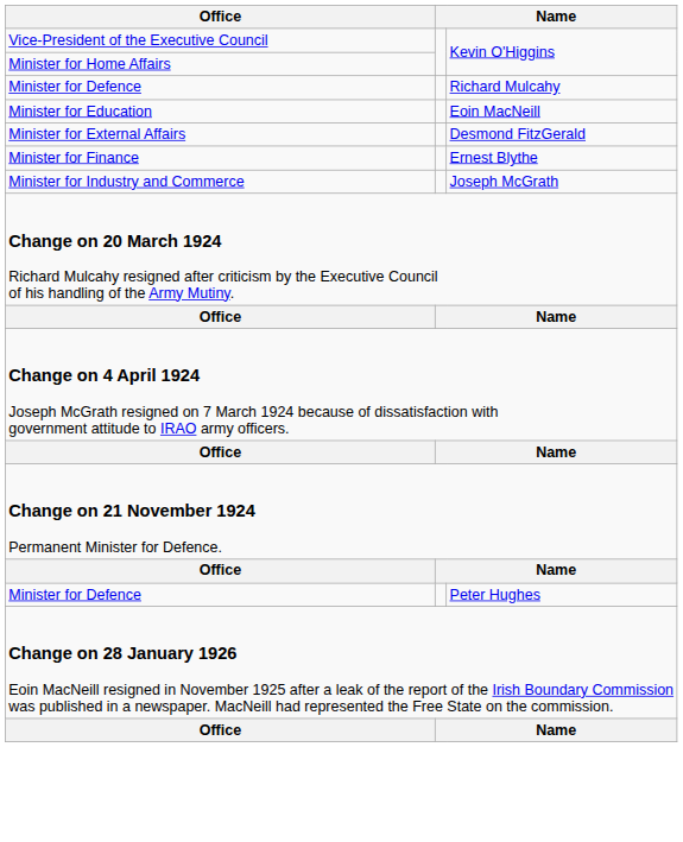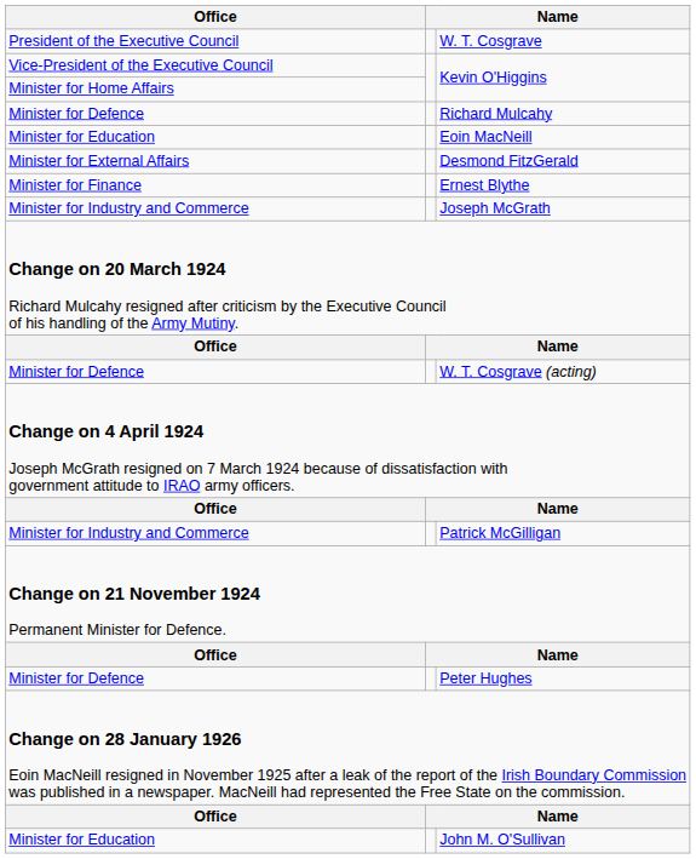 <table class="wikitable">
 <tr>
 <th>Office</th>
 <th colspan="2">Name</th>
+</tr>
+<tr>
+<td><a href='#'>President of the Executive Council</a></td>
+<td style="background-color: "></td>
+<td><a href='#'>W. T. Cosgrave</a></td>
 </tr>
 <tr>
 <td><a href='#'>Vice-President of the Executive Council</a></td>
 <td rowspan=2 style="background-color: "></td>
 <td rowspan=2><a href='#'>Kevin O'Higgins</a></td>
 </tr>
 <tr>
 <td><a href='#'>Minister for Home Affairs</a></td>
 </tr>
 <tr>
 <td><a href='#'>Minister for Defence</a></td>
 <td style="background-color: "></td>
 <td><a href='#'>Richard Mulcahy</a></td>
 </tr>
 <tr>
 <td><a href='#'>Minister for Education</a></td>
 <td style="background-color: "></td>
 <td><a href='#'>Eoin MacNeill</a></td>
 </tr>
 <tr>
 <td><a href='#'>Minister for External Affairs</a></td>
 <td style="background-color: "></td>
 <td><a href='#'>Desmond FitzGerald</a></td>
 </tr>
 <tr>
 <td><a href='#'>Minister for Finance</a></td>
 <td style="background-color: "></td>
 <td><a href='#'>Ernest Blythe</a></td>
 </tr>
 <tr>
 <td><a href='#'>Minister for Industry and Commerce</a></td>
 <td style="background-color: "></td>
 <td><a href='#'>Joseph McGrath</a></td>
 </tr>
 <tr>
 <td colspan="3"><br><h3>Change on 20 March 1924</h3>Richard Mulcahy resigned after criticism by the Executive Council<br>of his handling of the <a href='#'>Army Mutiny</a>.</td>
 </tr>
 <tr>
 <th>Office</th>
 <th colspan="2">Name</th>
 </tr>
 <tr>
+<td><a href='#'>Minister for Defence</a></td>
+<td style="background-color: "></td>
+<td><a href='#'>W. T. Cosgrave</a> <em>(acting)</em></td>
+</tr>
+<tr>
 <td colspan="3"><br><h3>Change on 4 April 1924</h3>Joseph McGrath resigned on 7 March 1924 because of dissatisfaction with<br>government attitude to <a href='#'>IRAO</a> army officers.</td>
 </tr>
 <tr>
 <th>Office</th>
 <th colspan="2">Name</th>
+</tr>
+<tr>
+<td><a href='#'>Minister for Industry and Commerce</a></td>
+<td style="background-color: "></td>
+<td><a href='#'>Patrick McGilligan</a></td>
 </tr>
 <tr>
 <td colspan="3"><br><h3>Change on 21 November 1924</h3>Permanent Minister for Defence.</td>
 </tr>
 <tr>
 <th>Office</th>
 <th colspan="2">Name</th>
 </tr>
 <tr>
 <td><a href='#'>Minister for Defence</a></td>
 <td style="background-color: "></td>
 <td><a href='#'>Peter Hughes</a></td>
 </tr>
 <tr>
 <td colspan="3"><br><h3>Change on 28 January 1926</h3>Eoin MacNeill resigned in November 1925 after a leak of the report of the <a href='#'>Irish Boundary Commission</a><br>was published in a newspaper. MacNeill had represented the Free State on the commission.</td>
 </tr>
 <tr>
 <th>Office</th>
 <th colspan="2">Name</th>
 </tr>
+<tr>
+<td><a href='#'>Minister for Education</a></td>
+<td style="background-color: "></td>
+<td><a href='#'>John M. O'Sullivan</a></td>
+</tr>
 </table>
